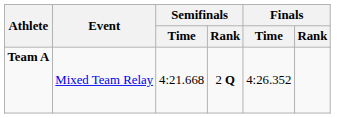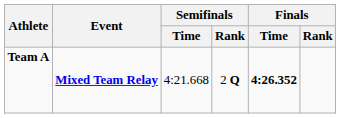 <table class="wikitable" style="font-size:90%;">
 <tr>
 <th rowspan=2>Athlete</th>
 <th rowspan=2>Event</th>
 <th colspan=2>Semifinals</th>
 <th colspan=2>Finals</th>
 </tr>
 <tr>
 <th>Time</th>
 <th>Rank</th>
 <th>Time</th>
 <th>Rank</th>
 </tr>
 <tr>
 <td><strong>Team A</strong><br><br><br><br></td>
-<td><a href='#'>Mixed Team Relay</a></td>
+<td><strong><a href='#'>Mixed Team Relay</a></strong></td>
 <td align=center>4:21.668</td>
 <td align=center>2 <strong>Q</strong></td>
-<td align=center>4:26.352</td>
+<td align=center><strong>4:26.352</strong></td>
 <td align=center></td>
 </tr>
 </table>
